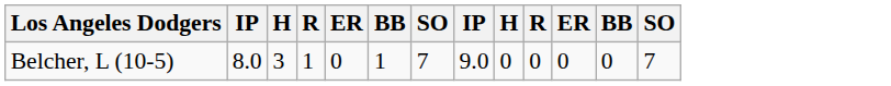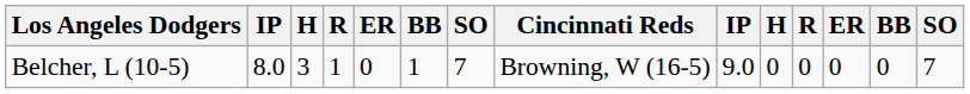 <table class="wikitable sortable">
 <tr>
 <th><strong>Los Angeles Dodgers</strong></th>
 <th>IP</th>
 <th>H</th>
 <th>R</th>
 <th>ER</th>
 <th>BB</th>
 <th>SO</th>
+<th><strong>Cincinnati Reds</strong></th>
 <th>IP</th>
 <th>H</th>
 <th>R</th>
 <th>ER</th>
 <th>BB</th>
 <th>SO</th>
 </tr>
 <tr>
 <td>Belcher, L (10-5)</td>
 <td>8.0</td>
 <td>3</td>
 <td>1</td>
 <td>0</td>
 <td>1</td>
 <td>7</td>
+<td>Browning, W (16-5)</td>
 <td>9.0</td>
 <td>0</td>
 <td>0</td>
 <td>0</td>
 <td>0</td>
 <td>7</td>
 </tr>
 </table>
